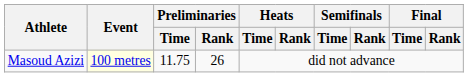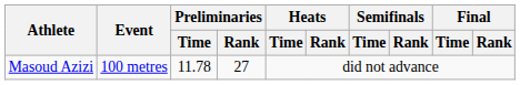 <table class=wikitable style="font-size:90%;">
 <tr>
 <th rowspan=2>Athlete</th>
 <th rowspan=2>Event</th>
 <th colspan=2>Preliminaries</th>
 <th colspan=2>Heats</th>
 <th colspan=2>Semifinals</th>
 <th colspan=2>Final</th>
 </tr>
 <tr>
 <th>Time</th>
 <th>Rank</th>
 <th>Time</th>
 <th>Rank</th>
 <th>Time</th>
 <th>Rank</th>
 <th>Time</th>
 <th>Rank</th>
 </tr>
 <tr>
 <td><a href='#'>Masoud Azizi</a></td>
-<td style="background: lightyellow;"><a href='#'>100 metres</a></td>
-<td align="center">11.75</td>
-<td align="center">26</td>
+<td><a href='#'>100 metres</a></td>
+<td align="center">11.78</td>
+<td align="center">27</td>
 <td align="center" colspan=6>did not advance</td>
 </tr>
 </table>
